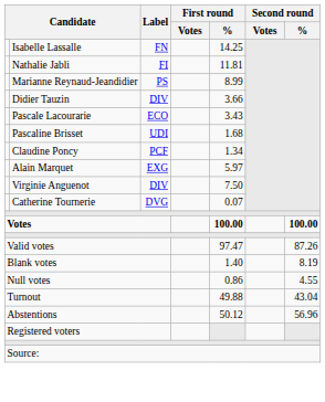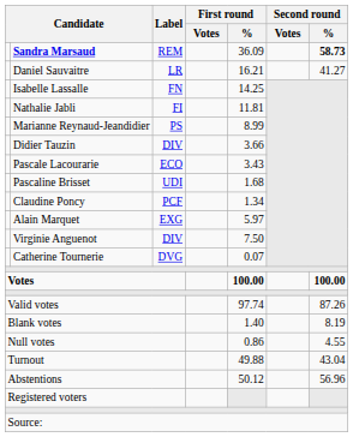 <table class="wikitable" style="text-align:right;font-size:95%;">
 <tr>
 <th colspan="2" rowspan="2">Candidate</th>
 <th rowspan="2">Label</th>
 <th colspan="2">First round</th>
 <th colspan="2">Second round</th>
 </tr>
 <tr>
 <th style="width:50px;">Votes</th>
 <th style="width:45px;">%</th>
 <th style="width:50px;">Votes</th>
 <th style="width:45px;">%</th>
+</tr>
+<tr>
+<td style="color:inherit;background:"></td>
+<td style="text-align:left;"><strong><a href='#'>Sandra Marsaud</a></strong></td>
+<td><a href='#'>REM</a></td>
+<td></td>
+<td>36.09</td>
+<td><strong></strong></td>
+<td><strong>58.73</strong></td>
+</tr>
+<tr>
+<td style="color:inherit;background:"></td>
+<td style="text-align:left;">Daniel Sauvaitre</td>
+<td><a href='#'>LR</a></td>
+<td></td>
+<td>16.21</td>
+<td></td>
+<td>41.27</td>
 </tr>
 <tr>
 <td style="color:inherit;background:"></td>
 <td style="text-align:left;">Isabelle Lassalle</td>
 <td><a href='#'>FN</a></td>
 <td></td>
 <td>14.25</td>
 <td colspan="2" rowspan="10" style="background:#E9E9E9;"></td>
 </tr>
 <tr>
 <td style="color:inherit;background:"></td>
 <td style="text-align:left;">Nathalie Jabli</td>
 <td><a href='#'>FI</a></td>
 <td></td>
 <td>11.81</td>
 </tr>
 <tr>
 <td style="color:inherit;background:"></td>
 <td style="text-align:left;">Marianne Reynaud-Jeandidier</td>
 <td><a href='#'>PS</a></td>
 <td></td>
 <td>8.99</td>
 </tr>
 <tr>
 <td style="color:inherit;background:"></td>
 <td style="text-align:left;">Didier Tauzin</td>
 <td><a href='#'>DIV</a></td>
 <td></td>
 <td>3.66</td>
 </tr>
 <tr>
 <td style="color:inherit;background:"></td>
 <td style="text-align:left;">Pascale Lacourarie</td>
 <td><a href='#'>ECO</a></td>
 <td></td>
 <td>3.43</td>
 </tr>
 <tr>
 <td style="color:inherit;background:"></td>
 <td style="text-align:left;">Pascaline Brisset</td>
 <td><a href='#'>UDI</a></td>
 <td></td>
 <td>1.68</td>
 </tr>
 <tr>
 <td style="color:inherit;background:"></td>
 <td style="text-align:left;">Claudine Poncy</td>
 <td><a href='#'>PCF</a></td>
 <td></td>
 <td>1.34</td>
 </tr>
 <tr>
 <td style="color:inherit;background:"></td>
 <td style="text-align:left;">Alain Marquet</td>
 <td><a href='#'>EXG</a></td>
 <td></td>
 <td>5.97</td>
 </tr>
 <tr>
 <td style="color:inherit;background:"></td>
 <td style="text-align:left;">Virginie Anguenot</td>
 <td><a href='#'>DIV</a></td>
 <td></td>
 <td>7.50</td>
 </tr>
 <tr>
 <td style="color:inherit;background:"></td>
 <td style="text-align:left;">Catherine Tournerie</td>
 <td><a href='#'>DVG</a></td>
 <td></td>
 <td>0.07</td>
 </tr>
 <tr>
 <td colspan="7" style="background:#E9E9E9;"></td>
 </tr>
 <tr style="font-weight:bold;">
 <td colspan="3" style="text-align:left;">Votes</td>
 <td></td>
 <td>100.00</td>
 <td></td>
 <td>100.00</td>
 </tr>
 <tr>
 <td colspan="7" style="background:#E9E9E9;"></td>
 </tr>
 <tr>
 <td colspan="3" style="text-align:left;">Valid votes</td>
 <td></td>
-<td>97.47</td>
+<td>97.74</td>
 <td></td>
 <td>87.26</td>
 </tr>
 <tr>
 <td colspan="3" style="text-align:left;">Blank votes</td>
 <td></td>
 <td>1.40</td>
 <td></td>
 <td>8.19</td>
 </tr>
 <tr>
 <td colspan="3" style="text-align:left;">Null votes</td>
 <td></td>
 <td>0.86</td>
 <td></td>
 <td>4.55</td>
 </tr>
 <tr>
 <td colspan="3" style="text-align:left;">Turnout</td>
 <td></td>
 <td>49.88</td>
 <td></td>
 <td>43.04</td>
 </tr>
 <tr>
 <td colspan="3" style="text-align:left;">Abstentions</td>
 <td></td>
 <td>50.12</td>
 <td></td>
 <td>56.96</td>
 </tr>
 <tr>
 <td colspan="3" style="text-align:left;">Registered voters</td>
 <td></td>
 <td style="color:inherit;background:#E9E9E9;"></td>
 <td></td>
 <td style="color:inherit;background:#E9E9E9;"></td>
 </tr>
 <tr>
 <td colspan="7" style="background:#E9E9E9;"></td>
 </tr>
 <tr>
 <td colspan="7" style="text-align:left;">Source: </td>
 </tr>
 </table>
